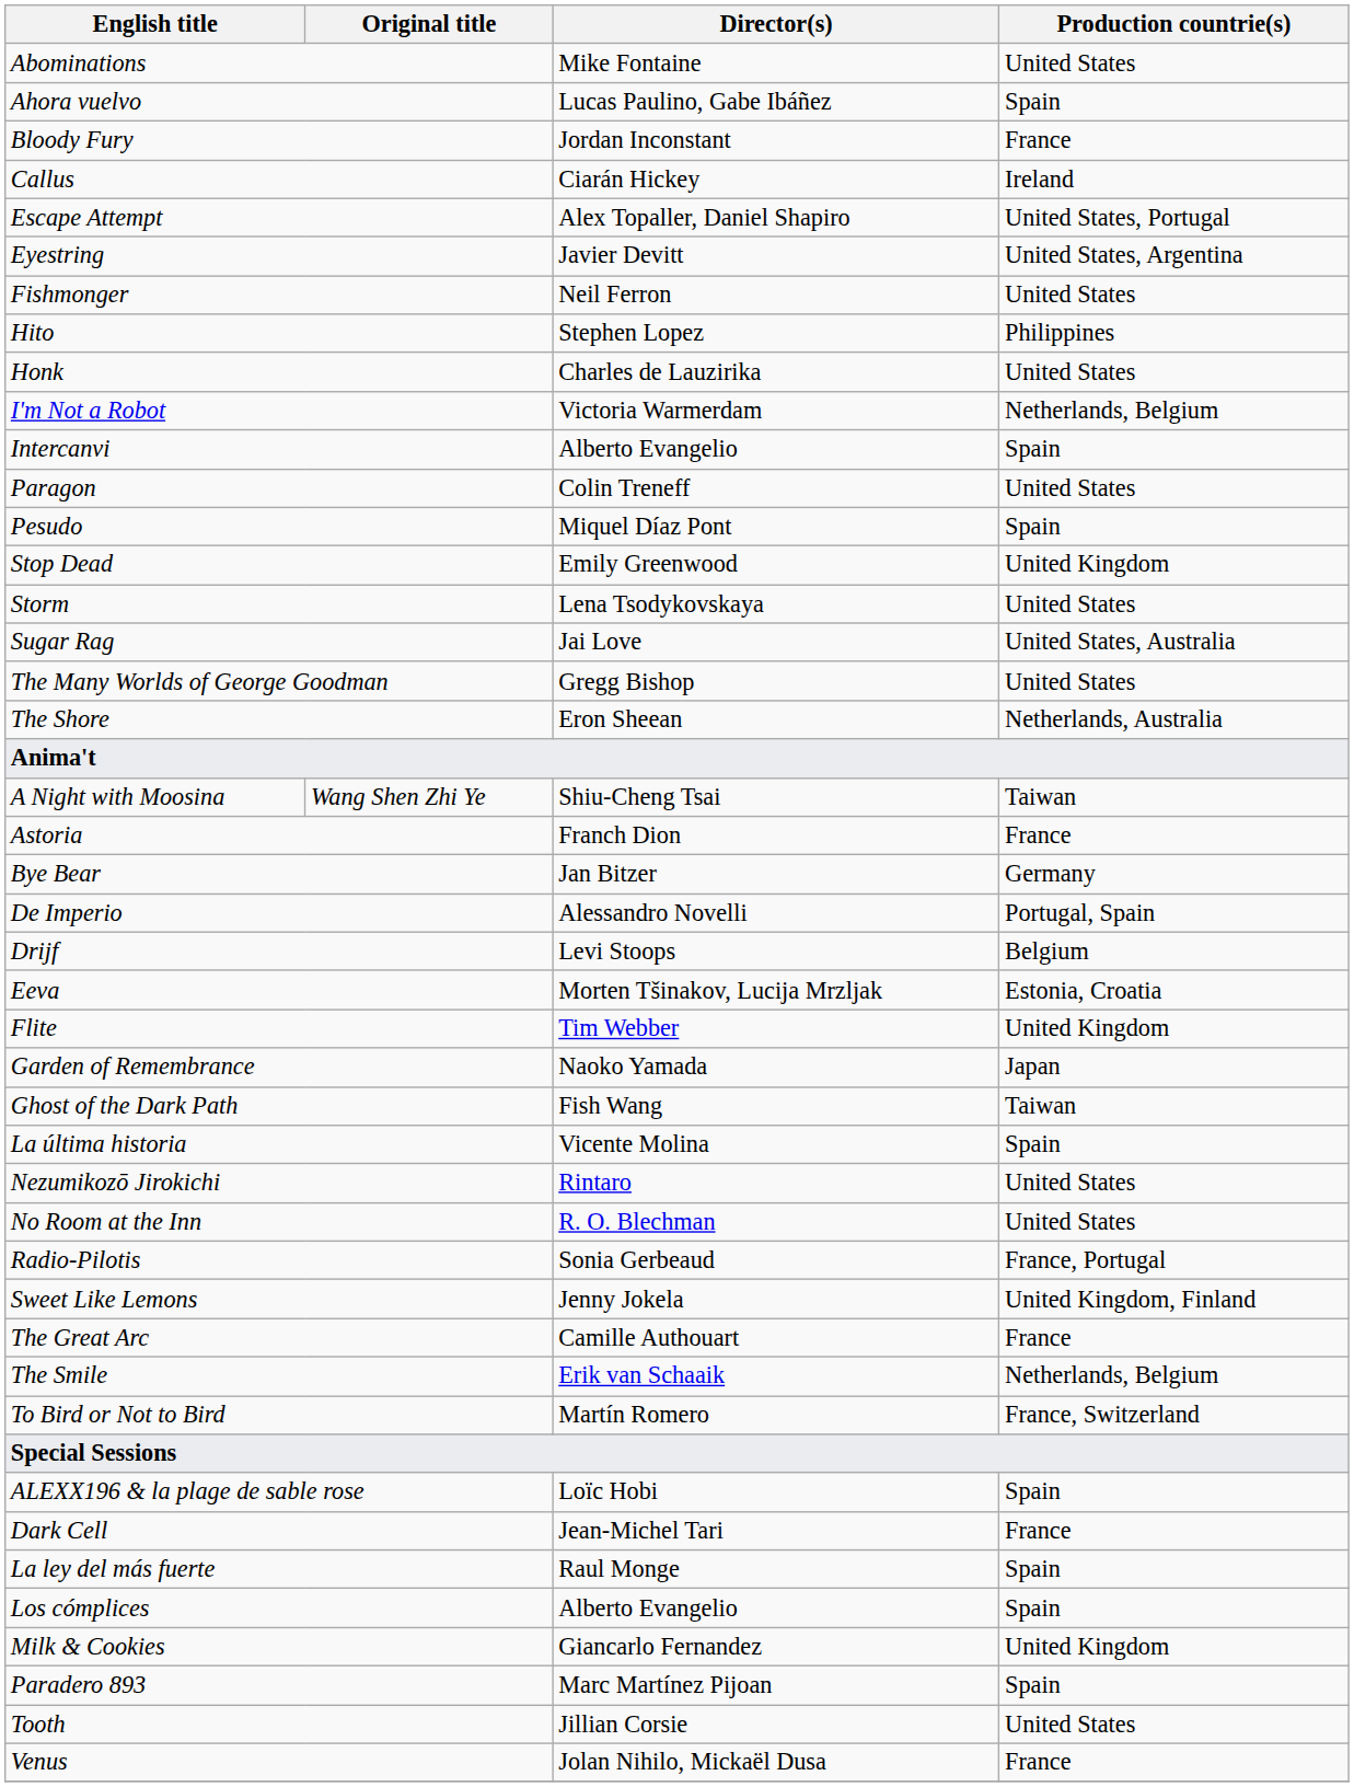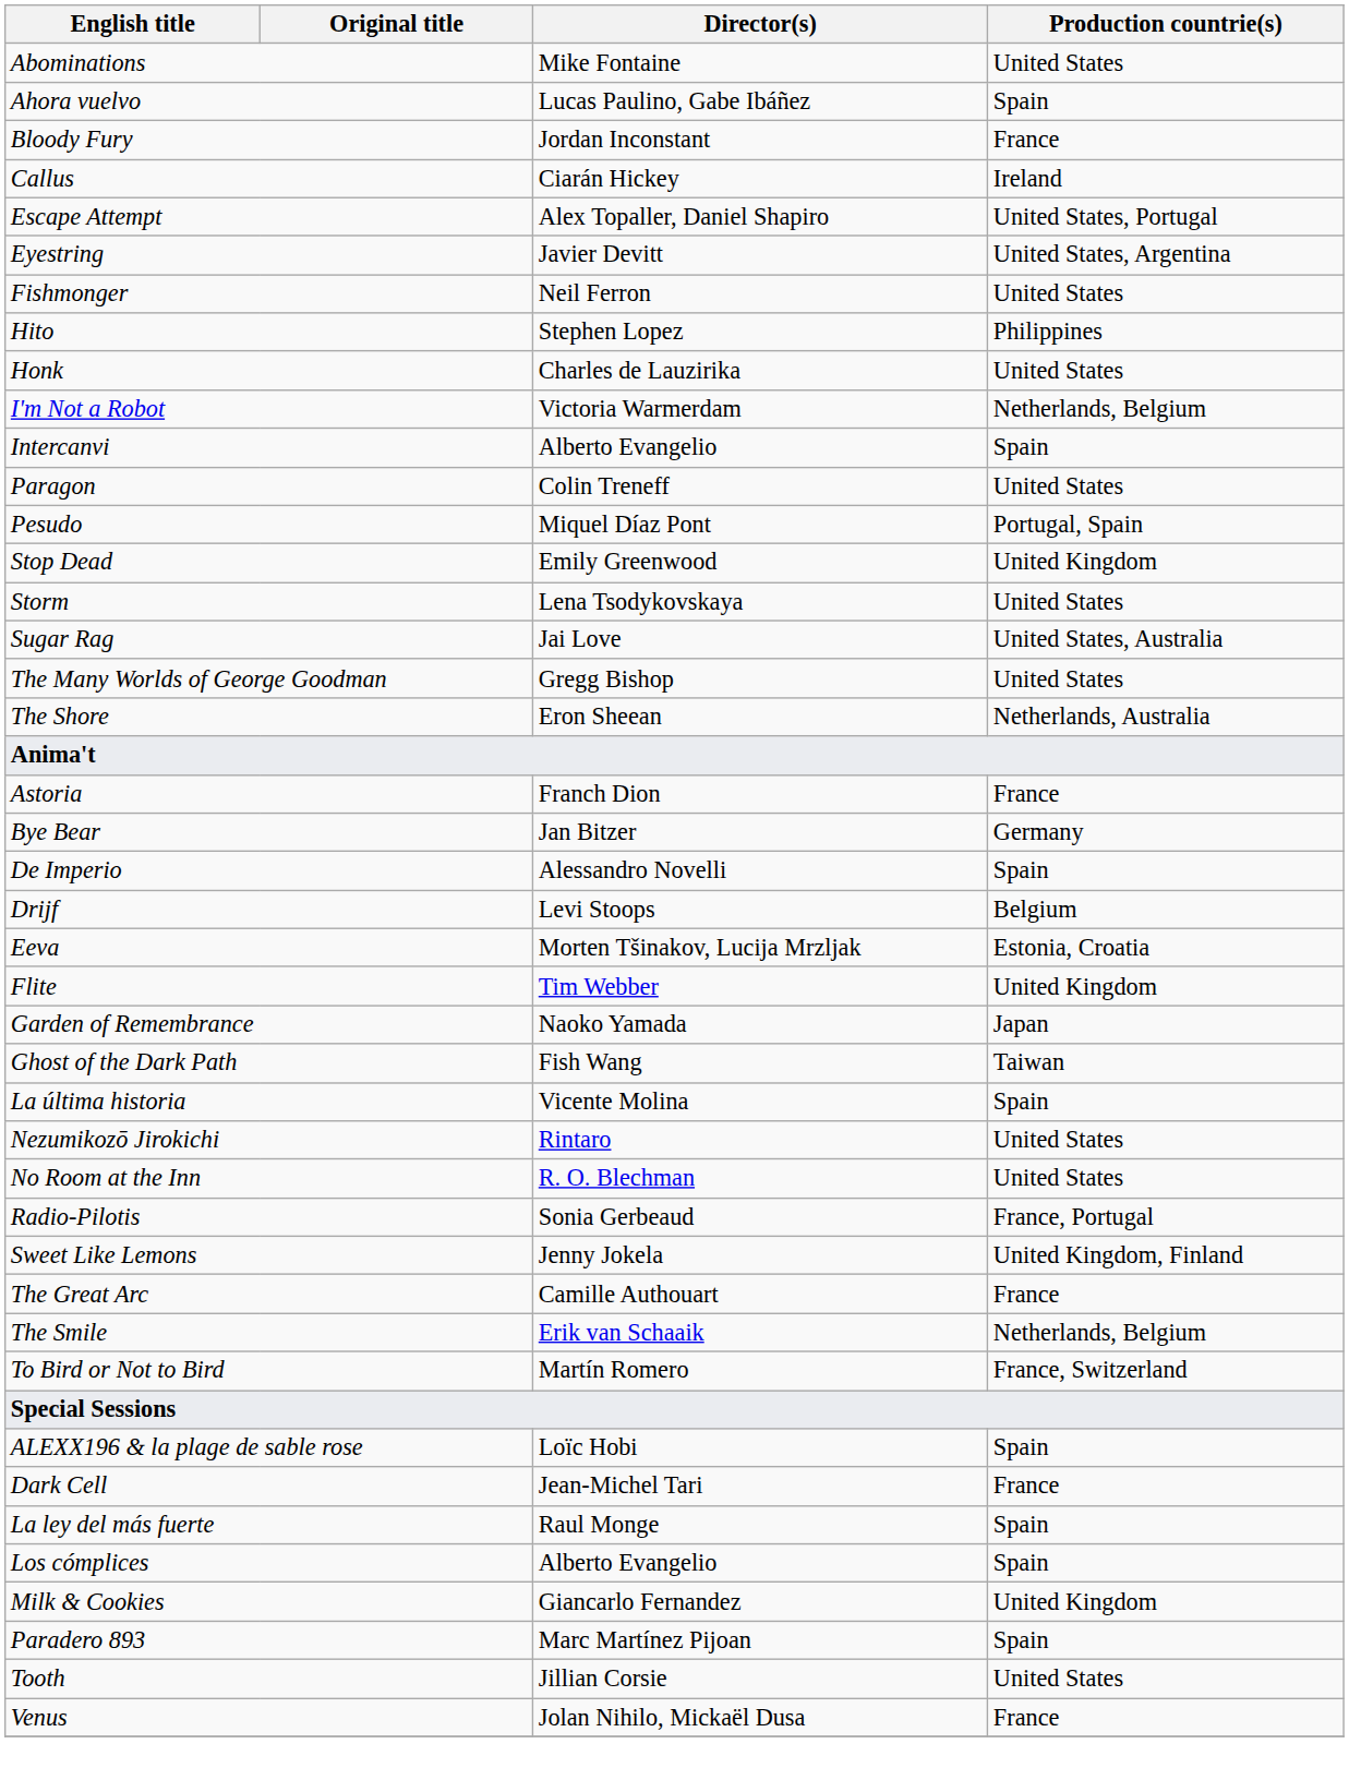 <table class="sortable wikitable" style="width:100%; margin-bottom:4px" cellpadding="5">
 <tr>
 <th scope="col">English title</th>
 <th scope="col">Original title</th>
 <th scope="col">Director(s)</th>
 <th scope="col">Production countrie(s)</th>
 </tr>
 <tr>
 <td colspan="2"><em>Abominations</em></td>
 <td>Mike Fontaine</td>
 <td>United States</td>
 </tr>
 <tr>
 <td colspan="2"><em>Ahora vuelvo</em></td>
 <td>Lucas Paulino, Gabe Ibáñez</td>
 <td>Spain</td>
 </tr>
 <tr>
 <td colspan="2"><em>Bloody Fury</em></td>
 <td>Jordan Inconstant</td>
 <td>France</td>
 </tr>
 <tr>
 <td colspan="2"><em>Callus</em></td>
 <td>Ciarán Hickey</td>
 <td>Ireland</td>
 </tr>
 <tr>
 <td colspan="2"><em>Escape Attempt</em></td>
 <td>Alex Topaller, Daniel Shapiro</td>
 <td>United States, Portugal</td>
 </tr>
 <tr>
 <td colspan="2"><em>Eyestring</em></td>
 <td>Javier Devitt</td>
 <td>United States, Argentina</td>
 </tr>
 <tr>
 <td colspan="2"><em>Fishmonger</em></td>
 <td>Neil Ferron</td>
 <td>United States</td>
 </tr>
 <tr>
 <td colspan="2"><em>Hito</em></td>
 <td>Stephen Lopez</td>
 <td>Philippines</td>
 </tr>
 <tr>
 <td colspan="2"><em>Honk</em></td>
 <td>Charles de Lauzirika</td>
 <td>United States</td>
 </tr>
 <tr>
 <td colspan="2"><em><a href='#'>I'm Not a Robot</a></em></td>
 <td>Victoria Warmerdam</td>
 <td>Netherlands, Belgium</td>
 </tr>
 <tr>
 <td colspan="2"><em>Intercanvi</em></td>
 <td>Alberto Evangelio</td>
 <td>Spain</td>
 </tr>
 <tr>
 <td colspan="2"><em>Paragon</em></td>
 <td>Colin Treneff</td>
 <td>United States</td>
 </tr>
 <tr>
 <td colspan="2"><em>Pesudo</em></td>
 <td>Miquel Díaz Pont</td>
-<td>Spain</td>
+<td>Portugal, Spain</td>
 </tr>
 <tr>
 <td colspan="2"><em>Stop Dead</em></td>
 <td>Emily Greenwood</td>
 <td>United Kingdom</td>
 </tr>
 <tr>
 <td colspan="2"><em>Storm</em></td>
 <td>Lena Tsodykovskaya</td>
 <td>United States</td>
 </tr>
 <tr>
 <td colspan="2"><em>Sugar Rag</em></td>
 <td>Jai Love</td>
 <td>United States, Australia</td>
 </tr>
 <tr>
 <td colspan="2"><em>The Many Worlds of George Goodman</em></td>
 <td>Gregg Bishop</td>
 <td>United States</td>
 </tr>
 <tr>
 <td colspan="2"><em>The Shore</em></td>
 <td>Eron Sheean</td>
 <td>Netherlands, Australia</td>
 </tr>
 <tr>
 <td colspan=4 class="center" style="padding-center:120px; background-color:#EAECF0"><strong>Anima't</strong></td>
 </tr>
 <tr>
-<td><em>A Night with Moosina</em></td>
-<td><em>Wang Shen Zhi Ye</em></td>
-<td>Shiu-Cheng Tsai</td>
-<td>Taiwan</td>
-</tr>
-<tr>
 <td colspan="2"><em>Astoria</em></td>
 <td>Franch Dion</td>
 <td>France</td>
 </tr>
 <tr>
 <td colspan="2"><em>Bye Bear</em></td>
 <td>Jan Bitzer</td>
 <td>Germany</td>
 </tr>
 <tr>
 <td colspan="2"><em>De Imperio</em></td>
 <td>Alessandro Novelli</td>
-<td>Portugal, Spain</td>
+<td>Spain</td>
 </tr>
 <tr>
 <td colspan="2"><em>Drijf</em></td>
 <td>Levi Stoops</td>
 <td>Belgium</td>
 </tr>
 <tr>
 <td colspan="2"><em>Eeva</em></td>
 <td>Morten Tšinakov, Lucija Mrzljak</td>
 <td>Estonia, Croatia</td>
 </tr>
 <tr>
 <td colspan="2"><em>Flite</em></td>
 <td><a href='#'>Tim Webber</a></td>
 <td>United Kingdom</td>
 </tr>
 <tr>
 <td colspan="2"><em>Garden of Remembrance</em></td>
 <td>Naoko Yamada</td>
 <td>Japan</td>
 </tr>
 <tr>
 <td colspan="2"><em>Ghost of the Dark Path</em></td>
 <td>Fish Wang</td>
 <td>Taiwan</td>
 </tr>
 <tr>
 <td colspan="2"><em>La última historia</em></td>
 <td>Vicente Molina</td>
 <td>Spain</td>
 </tr>
 <tr>
 <td colspan="2"><em>Nezumikozō Jirokichi</em></td>
 <td><a href='#'>Rintaro</a></td>
 <td>United States</td>
 </tr>
 <tr>
 <td colspan="2"><em>No Room at the Inn</em></td>
 <td><a href='#'>R. O. Blechman</a></td>
 <td>United States</td>
 </tr>
 <tr>
 <td colspan="2"><em>Radio-Pilotis</em></td>
 <td>Sonia Gerbeaud</td>
 <td>France, Portugal</td>
 </tr>
 <tr>
 <td colspan="2"><em>Sweet Like Lemons</em></td>
 <td>Jenny Jokela</td>
 <td>United Kingdom, Finland</td>
 </tr>
 <tr>
 <td colspan="2"><em>The Great Arc</em></td>
 <td>Camille Authouart</td>
 <td>France</td>
 </tr>
 <tr>
 <td colspan="2"><em>The Smile</em></td>
 <td><a href='#'>Erik van Schaaik</a></td>
 <td>Netherlands, Belgium</td>
 </tr>
 <tr>
 <td colspan="2"><em>To Bird or Not to Bird</em></td>
 <td>Martín Romero</td>
 <td>France, Switzerland</td>
 </tr>
 <tr>
 <td colspan=4 class="center" style="padding-center:120px; background-color:#EAECF0"><strong>Special Sessions</strong></td>
 </tr>
 <tr>
 <td colspan="2"><em>ALEXX196 & la plage de sable rose</em></td>
 <td>Loïc Hobi</td>
 <td>Spain</td>
 </tr>
 <tr>
 <td colspan="2"><em>Dark Cell</em></td>
 <td>Jean-Michel Tari</td>
 <td>France</td>
 </tr>
 <tr>
 <td colspan="2"><em>La ley del más fuerte</em></td>
 <td>Raul Monge</td>
 <td>Spain</td>
 </tr>
 <tr>
 <td colspan="2"><em>Los cómplices</em></td>
 <td>Alberto Evangelio</td>
 <td>Spain</td>
 </tr>
 <tr>
 <td colspan="2"><em>Milk & Cookies</em></td>
 <td>Giancarlo Fernandez</td>
 <td>United Kingdom</td>
 </tr>
 <tr>
 <td colspan="2"><em>Paradero 893</em></td>
 <td>Marc Martínez Pijoan</td>
 <td>Spain</td>
 </tr>
 <tr>
 <td colspan="2"><em>Tooth</em></td>
 <td>Jillian Corsie</td>
 <td>United States</td>
 </tr>
 <tr>
 <td colspan="2"><em>Venus</em></td>
 <td>Jolan Nihilo, Mickaël Dusa</td>
 <td>France</td>
 </tr>
 <tr>
 </tr>
 </table>
